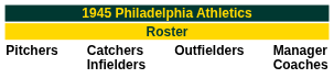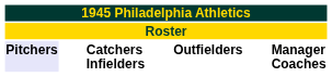 <table class="toccolours" style="font-size: 95%;">
 <tr>
 <th colspan="10" style="background-color: #003831; color: #FFD800; text-align: center;">1945 Philadelphia Athletics</th>
 </tr>
 <tr>
 <td colspan="10" style="background-color: #FFD800; color: #003831; text-align: center;"><strong>Roster</strong></td>
 </tr>
 <tr>
-<td valign="top"><strong>Pitchers</strong><br>             </td>
+<td valign="top" style="background: lavender;"><strong>Pitchers</strong><br>             </td>
 <td width="25px"></td>
 <td valign="top"><strong>Catchers</strong><br>     <strong>Infielders</strong>      </td>
 <td width="25px"></td>
 <td valign="top"><strong>Outfielders</strong><br>           </td>
 <td width="25px"></td>
 <td valign="top"><strong>Manager</strong><br> <strong>Coaches</strong>    </td>
 </tr>
 </table>
